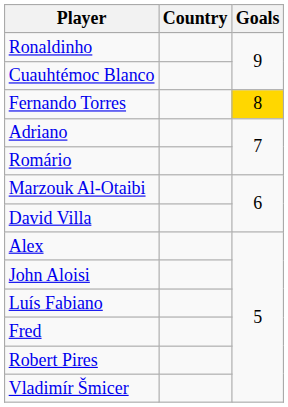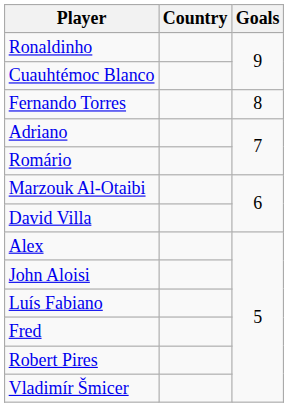 <table class="wikitable">
 <tr>
 <th>Player</th>
 <th>Country</th>
 <th>Goals</th>
 </tr>
 <tr>
 <td><a href='#'>Ronaldinho</a></td>
 <td></td>
 <td rowspan=2 align=center>9</td>
 </tr>
 <tr>
 <td><a href='#'>Cuauhtémoc Blanco</a></td>
 <td></td>
 </tr>
 <tr>
 <td><a href='#'>Fernando Torres</a></td>
 <td></td>
-<td rowspan=1 align=center style="background: gold;">8</td>
+<td rowspan=1 align=center>8</td>
 </tr>
 <tr>
 <td><a href='#'>Adriano</a></td>
 <td></td>
 <td rowspan=2 align=center>7</td>
 </tr>
 <tr>
 <td><a href='#'>Romário</a></td>
 <td></td>
 </tr>
 <tr>
 <td><a href='#'>Marzouk Al-Otaibi</a></td>
 <td></td>
 <td rowspan=2 align=center>6</td>
 </tr>
 <tr>
 <td><a href='#'>David Villa</a></td>
 <td></td>
 </tr>
 <tr>
 <td><a href='#'>Alex</a></td>
 <td></td>
 <td rowspan=6 align=center>5</td>
 </tr>
 <tr>
 <td><a href='#'>John Aloisi</a></td>
 <td></td>
 </tr>
 <tr>
 <td><a href='#'>Luís Fabiano</a></td>
 <td></td>
 </tr>
 <tr>
 <td><a href='#'>Fred</a></td>
 <td></td>
 </tr>
 <tr>
 <td><a href='#'>Robert Pires</a></td>
 <td></td>
 </tr>
 <tr>
 <td><a href='#'>Vladimír Šmicer</a></td>
 <td></td>
 </tr>
 </table>
